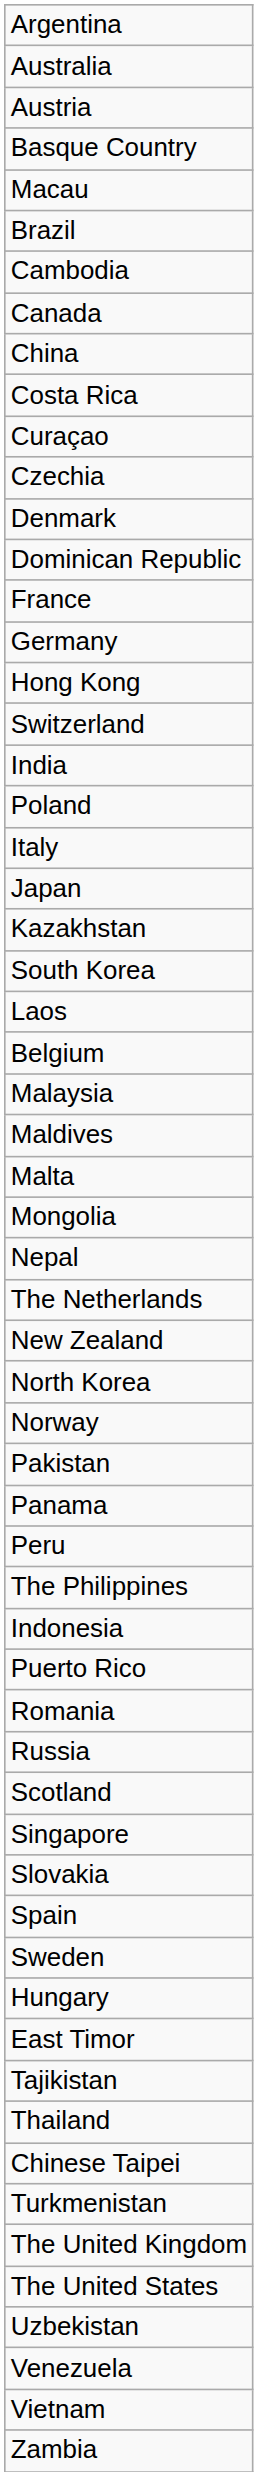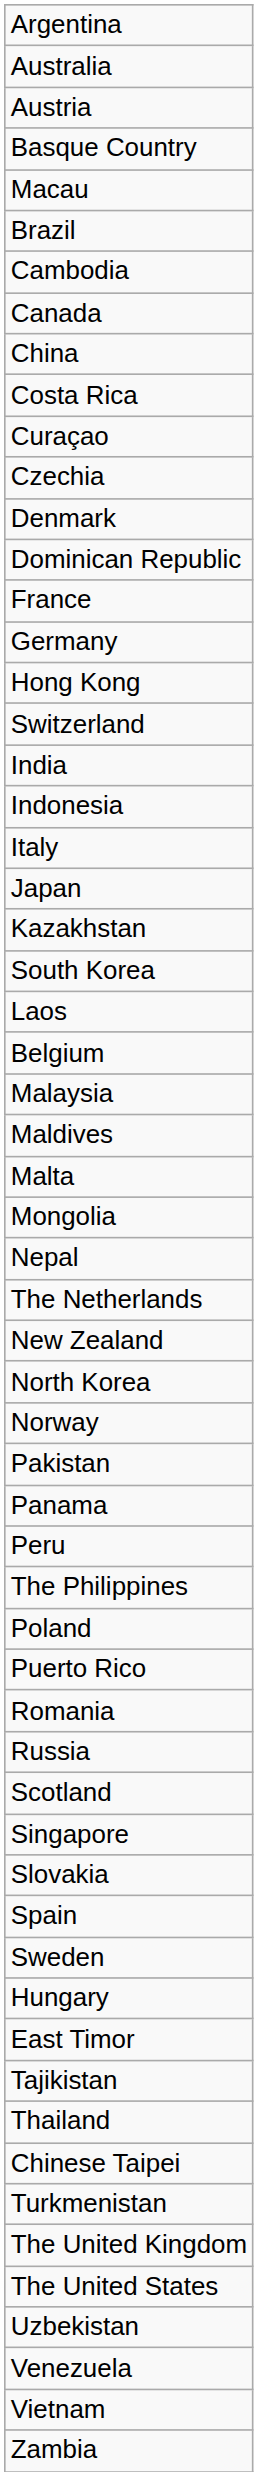 <table class="wikitable">
 <tr>
 <td> Argentina</td>
 </tr>
 <tr>
 <td> Australia</td>
 </tr>
 <tr>
 <td> Austria</td>
 </tr>
 <tr>
 <td> Basque Country</td>
 </tr>
 <tr>
 <td> Macau</td>
 </tr>
 <tr>
 <td> Brazil</td>
 </tr>
 <tr>
 <td> Cambodia</td>
 </tr>
 <tr>
 <td> Canada</td>
 </tr>
 <tr>
 <td> China</td>
 </tr>
 <tr>
 <td> Costa Rica</td>
 </tr>
 <tr>
 <td> Curaçao</td>
 </tr>
 <tr>
 <td> Czechia</td>
 </tr>
 <tr>
 <td> Denmark</td>
 </tr>
 <tr>
 <td> Dominican Republic</td>
 </tr>
 <tr>
 <td> France</td>
 </tr>
 <tr>
 <td> Germany</td>
 </tr>
 <tr>
 <td> Hong Kong</td>
 </tr>
 <tr>
 <td> Switzerland</td>
 </tr>
 <tr>
 <td> India</td>
 </tr>
 <tr>
-<td> Poland</td>
+<td> Indonesia</td>
 </tr>
 <tr>
 <td> Italy</td>
 </tr>
 <tr>
 <td> Japan</td>
 </tr>
 <tr>
 <td> Kazakhstan</td>
 </tr>
 <tr>
 <td> South Korea</td>
 </tr>
 <tr>
 <td> Laos</td>
 </tr>
 <tr>
 <td> Belgium</td>
 </tr>
 <tr>
 <td> Malaysia</td>
 </tr>
 <tr>
 <td> Maldives</td>
 </tr>
 <tr>
 <td> Malta</td>
 </tr>
 <tr>
 <td> Mongolia</td>
 </tr>
 <tr>
 <td> Nepal</td>
 </tr>
 <tr>
 <td> The Netherlands</td>
 </tr>
 <tr>
 <td> New Zealand</td>
 </tr>
 <tr>
 <td> North Korea</td>
 </tr>
 <tr>
 <td> Norway</td>
 </tr>
 <tr>
 <td> Pakistan</td>
 </tr>
 <tr>
 <td> Panama</td>
 </tr>
 <tr>
 <td> Peru</td>
 </tr>
 <tr>
 <td> The Philippines</td>
 </tr>
 <tr>
-<td> Indonesia</td>
+<td> Poland</td>
 </tr>
 <tr>
 <td> Puerto Rico</td>
 </tr>
 <tr>
 <td> Romania</td>
 </tr>
 <tr>
 <td> Russia</td>
 </tr>
 <tr>
 <td> Scotland</td>
 </tr>
 <tr>
 <td> Singapore</td>
 </tr>
 <tr>
 <td> Slovakia</td>
 </tr>
 <tr>
 <td> Spain</td>
 </tr>
 <tr>
 <td> Sweden</td>
 </tr>
 <tr>
 <td> Hungary</td>
 </tr>
 <tr>
 <td> East Timor</td>
 </tr>
 <tr>
 <td> Tajikistan</td>
 </tr>
 <tr>
 <td> Thailand</td>
 </tr>
 <tr>
 <td> Chinese Taipei</td>
 </tr>
 <tr>
 <td> Turkmenistan</td>
 </tr>
 <tr>
 <td> The United Kingdom</td>
 </tr>
 <tr>
 <td> The United States</td>
 </tr>
 <tr>
 <td> Uzbekistan</td>
 </tr>
 <tr>
 <td> Venezuela</td>
 </tr>
 <tr>
 <td> Vietnam</td>
 </tr>
 <tr>
 <td> Zambia</td>
 </tr>
 </table>
